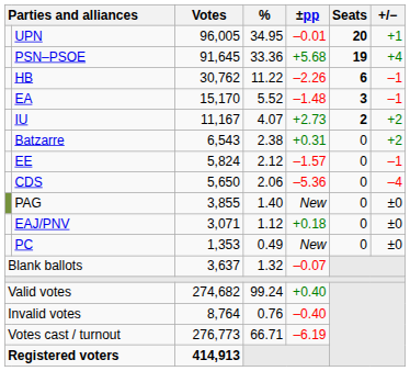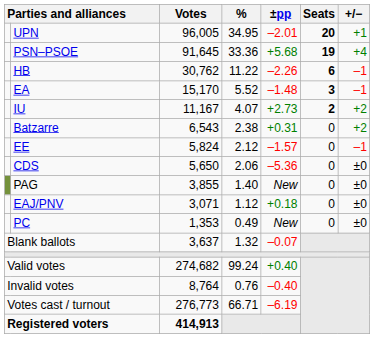 <table class="wikitable" style="text-align:right;">
 <tr>
 <th style="text-align:left;" colspan="2" width="200">Parties and alliances</th>
 <th width="75">Votes</th>
 <th width="45">%</th>
 <th width="45">±<a href='#'>pp</a></th>
 <th width="35">Seats</th>
 <th width="35">+/−</th>
 </tr>
 <tr>
 <td width="1" style="color:inherit;background:"></td>
 <td align="left"><a href='#'>UPN</a></td>
 <td>96,005</td>
 <td>34.95</td>
-<td style="color:red;">–0.01</td>
+<td style="color:red;">–2.01</td>
 <td><strong>20</strong></td>
 <td style="color:green;">+1</td>
 </tr>
 <tr>
 <td style="color:inherit;background:"></td>
 <td align="left"><a href='#'>PSN–PSOE</a></td>
 <td>91,645</td>
 <td>33.36</td>
 <td style="color:green;">+5.68</td>
 <td><strong>19</strong></td>
 <td style="color:green;">+4</td>
 </tr>
 <tr>
 <td style="color:inherit;background:"></td>
 <td align="left"><a href='#'>HB</a></td>
 <td>30,762</td>
 <td>11.22</td>
 <td style="color:red;">–2.26</td>
 <td><strong>6</strong></td>
 <td style="color:red;">–1</td>
 </tr>
 <tr>
 <td style="color:inherit;background:"></td>
 <td align="left"><a href='#'>EA</a></td>
 <td>15,170</td>
 <td>5.52</td>
 <td style="color:red;">–1.48</td>
 <td><strong>3</strong></td>
 <td style="color:red;">–1</td>
 </tr>
 <tr>
 <td style="color:inherit;background:"></td>
 <td align="left"><a href='#'>IU</a></td>
 <td>11,167</td>
 <td>4.07</td>
 <td style="color:green;">+2.73</td>
 <td><strong>2</strong></td>
 <td style="color:green;">+2</td>
 </tr>
 <tr>
 <td style="color:inherit;background:"></td>
 <td align="left"><a href='#'>Batzarre</a></td>
 <td>6,543</td>
 <td>2.38</td>
 <td style="color:green;">+0.31</td>
 <td>0</td>
 <td style="color:green;">+2</td>
 </tr>
 <tr>
 <td style="color:inherit;background:"></td>
 <td align="left"><a href='#'>EE</a></td>
 <td>5,824</td>
 <td>2.12</td>
 <td style="color:red;">–1.57</td>
 <td>0</td>
 <td style="color:red;">–1</td>
 </tr>
 <tr>
 <td style="color:inherit;background:"></td>
 <td align="left"><a href='#'>CDS</a></td>
 <td>5,650</td>
 <td>2.06</td>
 <td style="color:red;">–5.36</td>
 <td>0</td>
-<td style="color:red;">–4</td>
+<td>±0</td>
 </tr>
 <tr>
 <td style="color:inherit;background:#75923C"></td>
 <td align="left">PAG</td>
 <td>3,855</td>
 <td>1.40</td>
 <td><em>New</em></td>
 <td>0</td>
 <td>±0</td>
 </tr>
 <tr>
 <td style="color:inherit;background:"></td>
 <td align="left"><a href='#'>EAJ/PNV</a></td>
 <td>3,071</td>
 <td>1.12</td>
 <td style="color:green;">+0.18</td>
 <td>0</td>
 <td>±0</td>
 </tr>
 <tr>
 <td style="color:inherit;background:"></td>
 <td align="left"><a href='#'>PC</a></td>
 <td>1,353</td>
 <td>0.49</td>
 <td><em>New</em></td>
 <td>0</td>
 <td>±0</td>
 </tr>
 <tr>
 <td align="left" colspan="2">Blank ballots</td>
 <td>3,637</td>
 <td>1.32</td>
 <td style="color:red;">–0.07</td>
 <td bgcolor="#E9E9E9" colspan="2"></td>
 </tr>
 <tr>
 <td colspan="7" bgcolor="#E9E9E9"></td>
 </tr>
 <tr>
 <td align="left" colspan="2">Valid votes</td>
 <td>274,682</td>
 <td>99.24</td>
 <td style="color:green;">+0.40</td>
 <td bgcolor="#E9E9E9" colspan="2" rowspan="4"></td>
 </tr>
 <tr>
 <td align="left" colspan="2">Invalid votes</td>
 <td>8,764</td>
 <td>0.76</td>
 <td style="color:red;">–0.40</td>
 </tr>
 <tr>
 <td align="left" colspan="2">Votes cast / turnout</td>
 <td>276,773</td>
 <td>66.71</td>
 <td style="color:red;">–6.19</td>
 </tr>
 <tr style="font-weight:bold;">
 <td align="left" colspan="2">Registered voters</td>
 <td>414,913</td>
 <td bgcolor="#E9E9E9" colspan="2"></td>
 </tr>
 </table>
